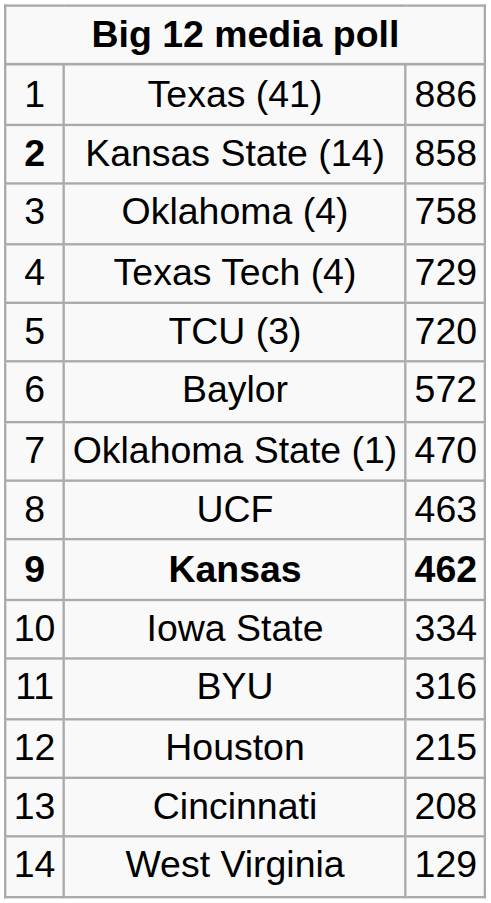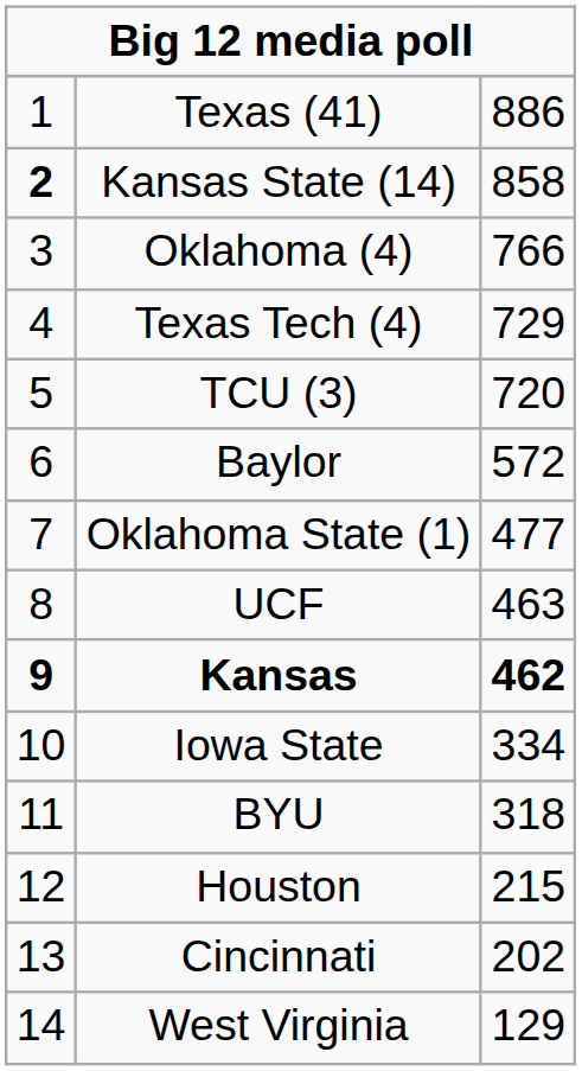 <table class="wikitable" style="display: inline-table;">
 <tr>
 <td align="center" Colspan="3"><strong>Big 12 media poll</strong></td>
 </tr>
 <tr align="center">
 </tr>
 <tr align="center">
 <td>1</td>
 <td>Texas (41)</td>
 <td>886</td>
 </tr>
 <tr align="center">
 <td><strong>2</strong></td>
 <td>Kansas State (14)</td>
 <td>858</td>
 </tr>
 <tr align="center">
 <td>3</td>
 <td>Oklahoma (4)</td>
-<td>758</td>
+<td>766</td>
 </tr>
 <tr align="center">
 <td>4</td>
 <td>Texas Tech (4)</td>
 <td>729</td>
 </tr>
 <tr align="center">
 <td>5</td>
 <td>TCU (3)</td>
 <td>720</td>
 </tr>
 <tr align="center">
 <td>6</td>
 <td>Baylor</td>
 <td>572</td>
 </tr>
 <tr align="center">
 <td>7</td>
 <td>Oklahoma State (1)</td>
-<td>470</td>
+<td>477</td>
 </tr>
 <tr align="center">
 <td>8</td>
 <td>UCF</td>
 <td>463</td>
 </tr>
 <tr align="center">
 <td><strong>9</strong></td>
 <td><strong>Kansas</strong></td>
 <td><strong>462</strong></td>
 </tr>
 <tr align="center">
 <td>10</td>
 <td>Iowa State</td>
 <td>334</td>
 </tr>
 <tr align="center">
 <td>11</td>
 <td>BYU</td>
-<td>316</td>
+<td>318</td>
 </tr>
 <tr align="center">
 <td>12</td>
 <td>Houston</td>
 <td>215</td>
 </tr>
 <tr align="center">
 <td>13</td>
 <td>Cincinnati</td>
-<td>208</td>
+<td>202</td>
 </tr>
 <tr align="center">
 <td>14</td>
 <td>West Virginia</td>
 <td>129</td>
 </tr>
 </table>
